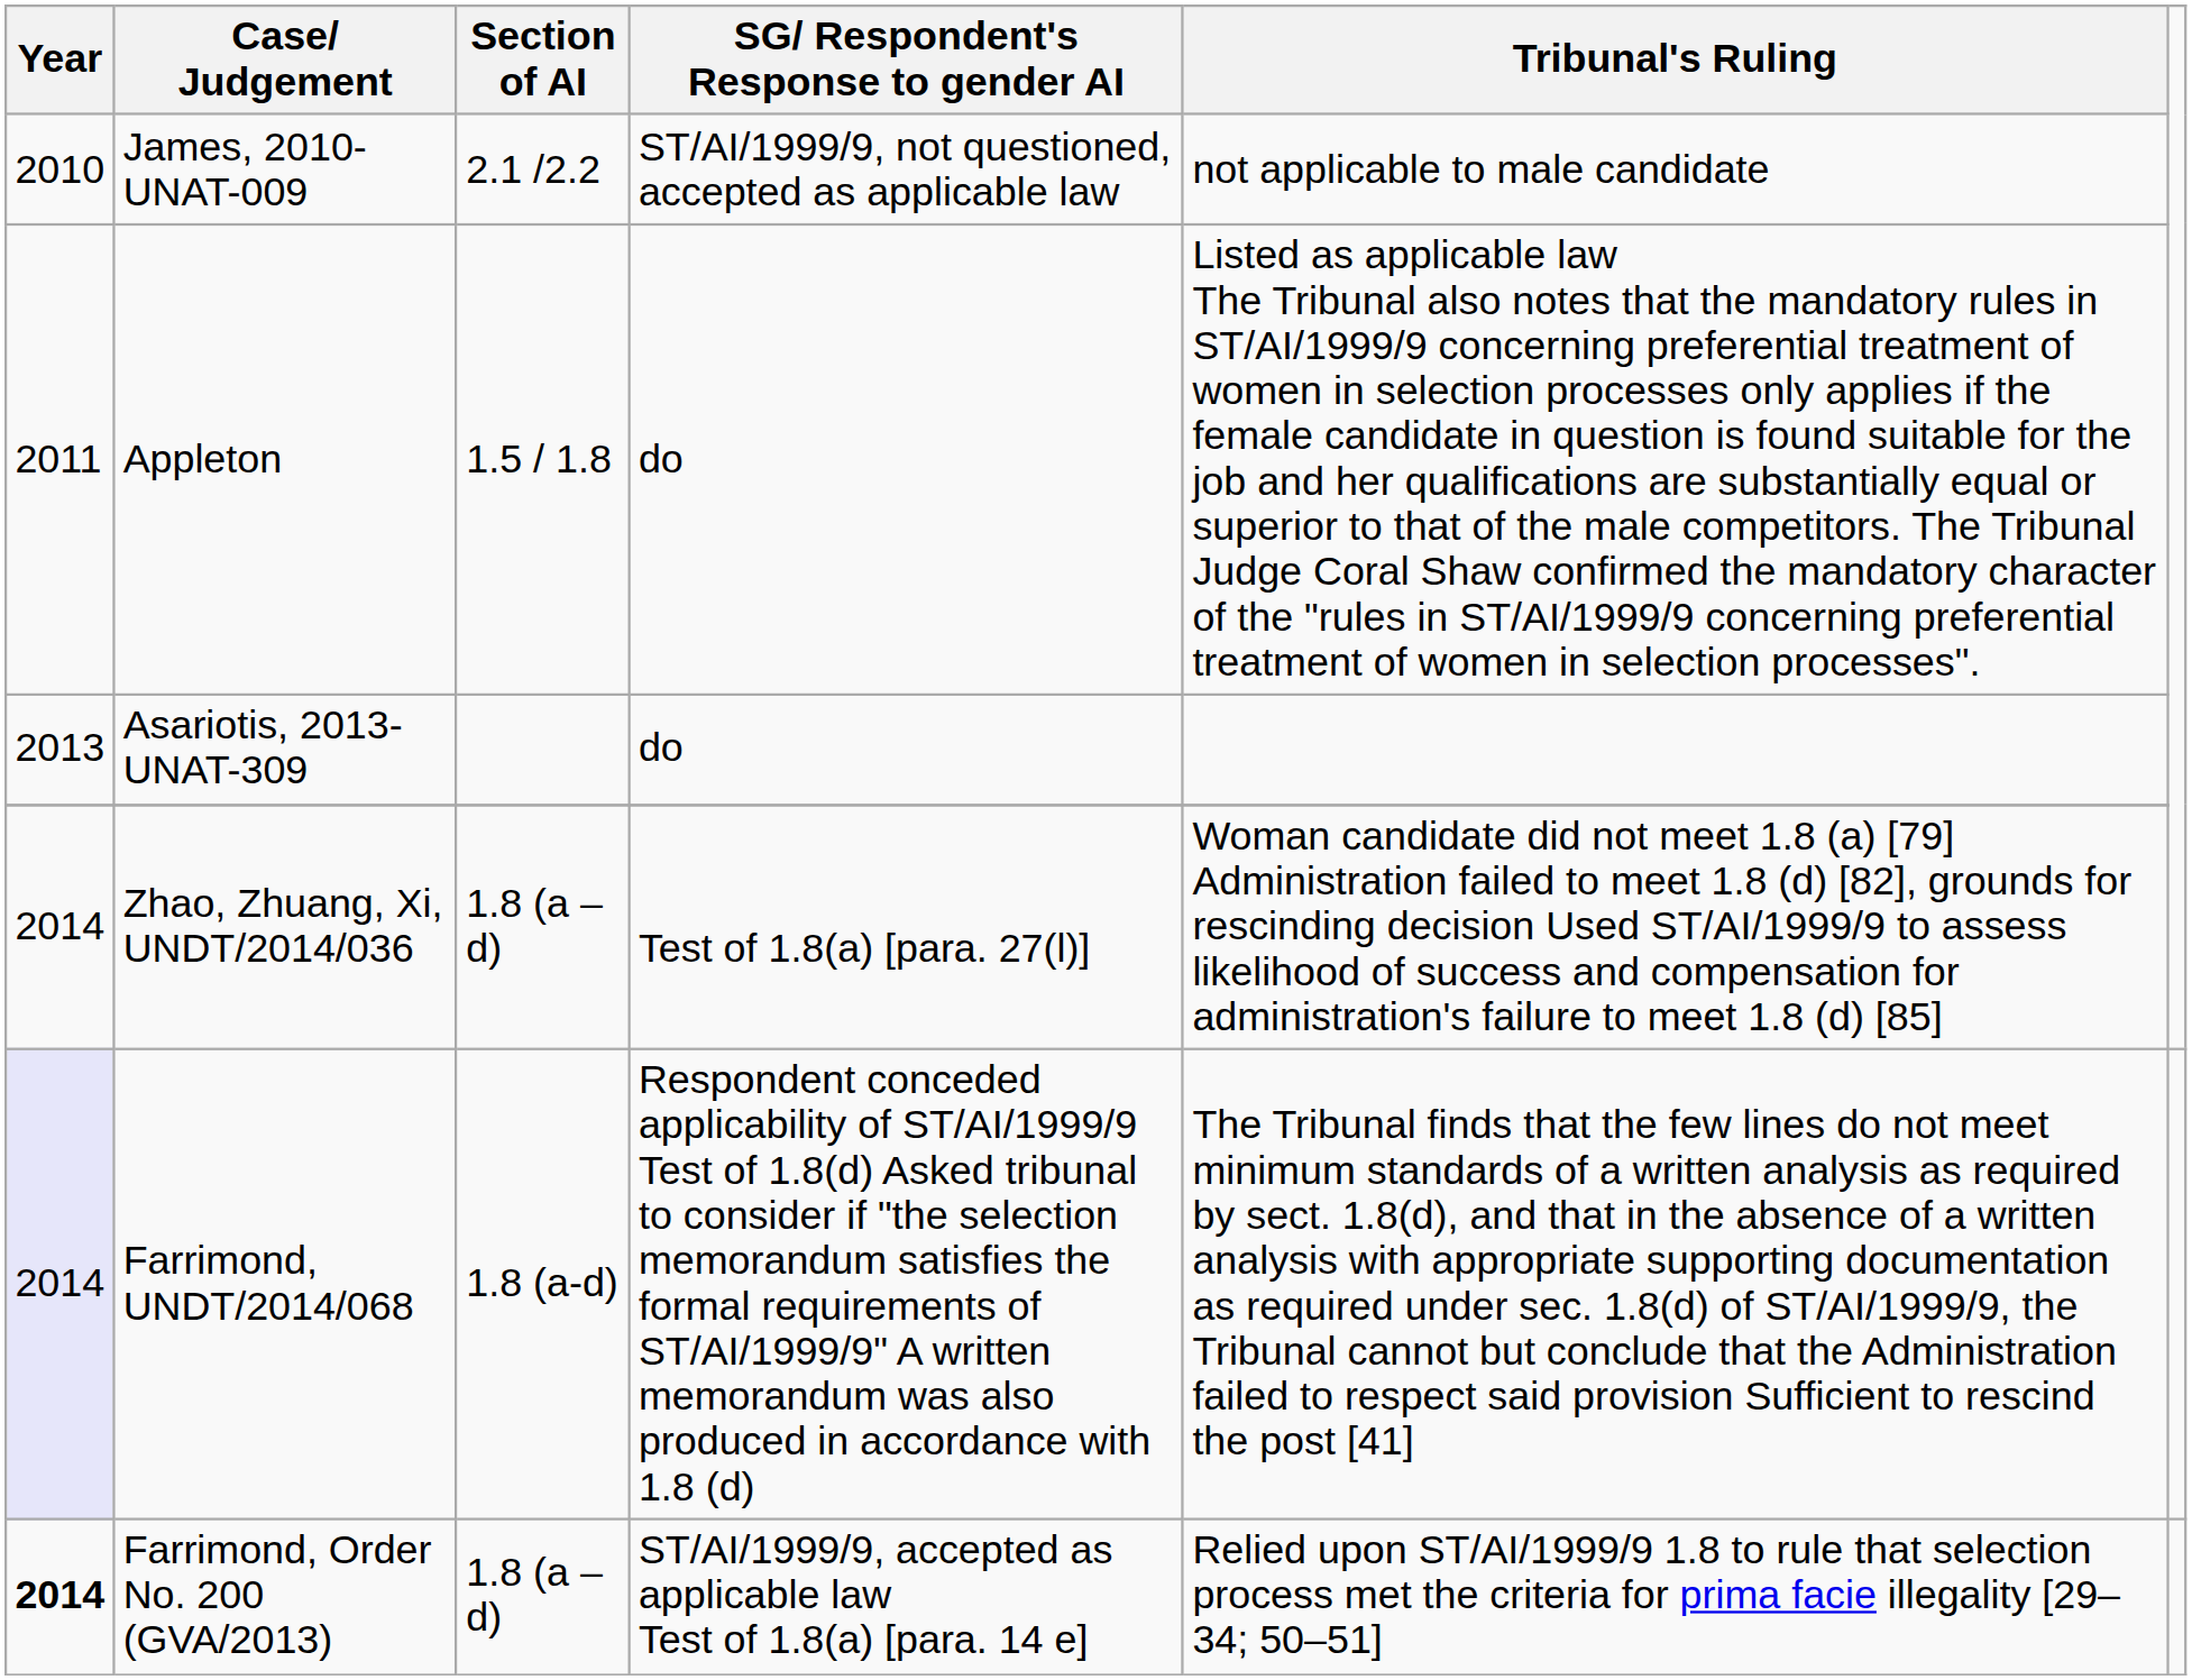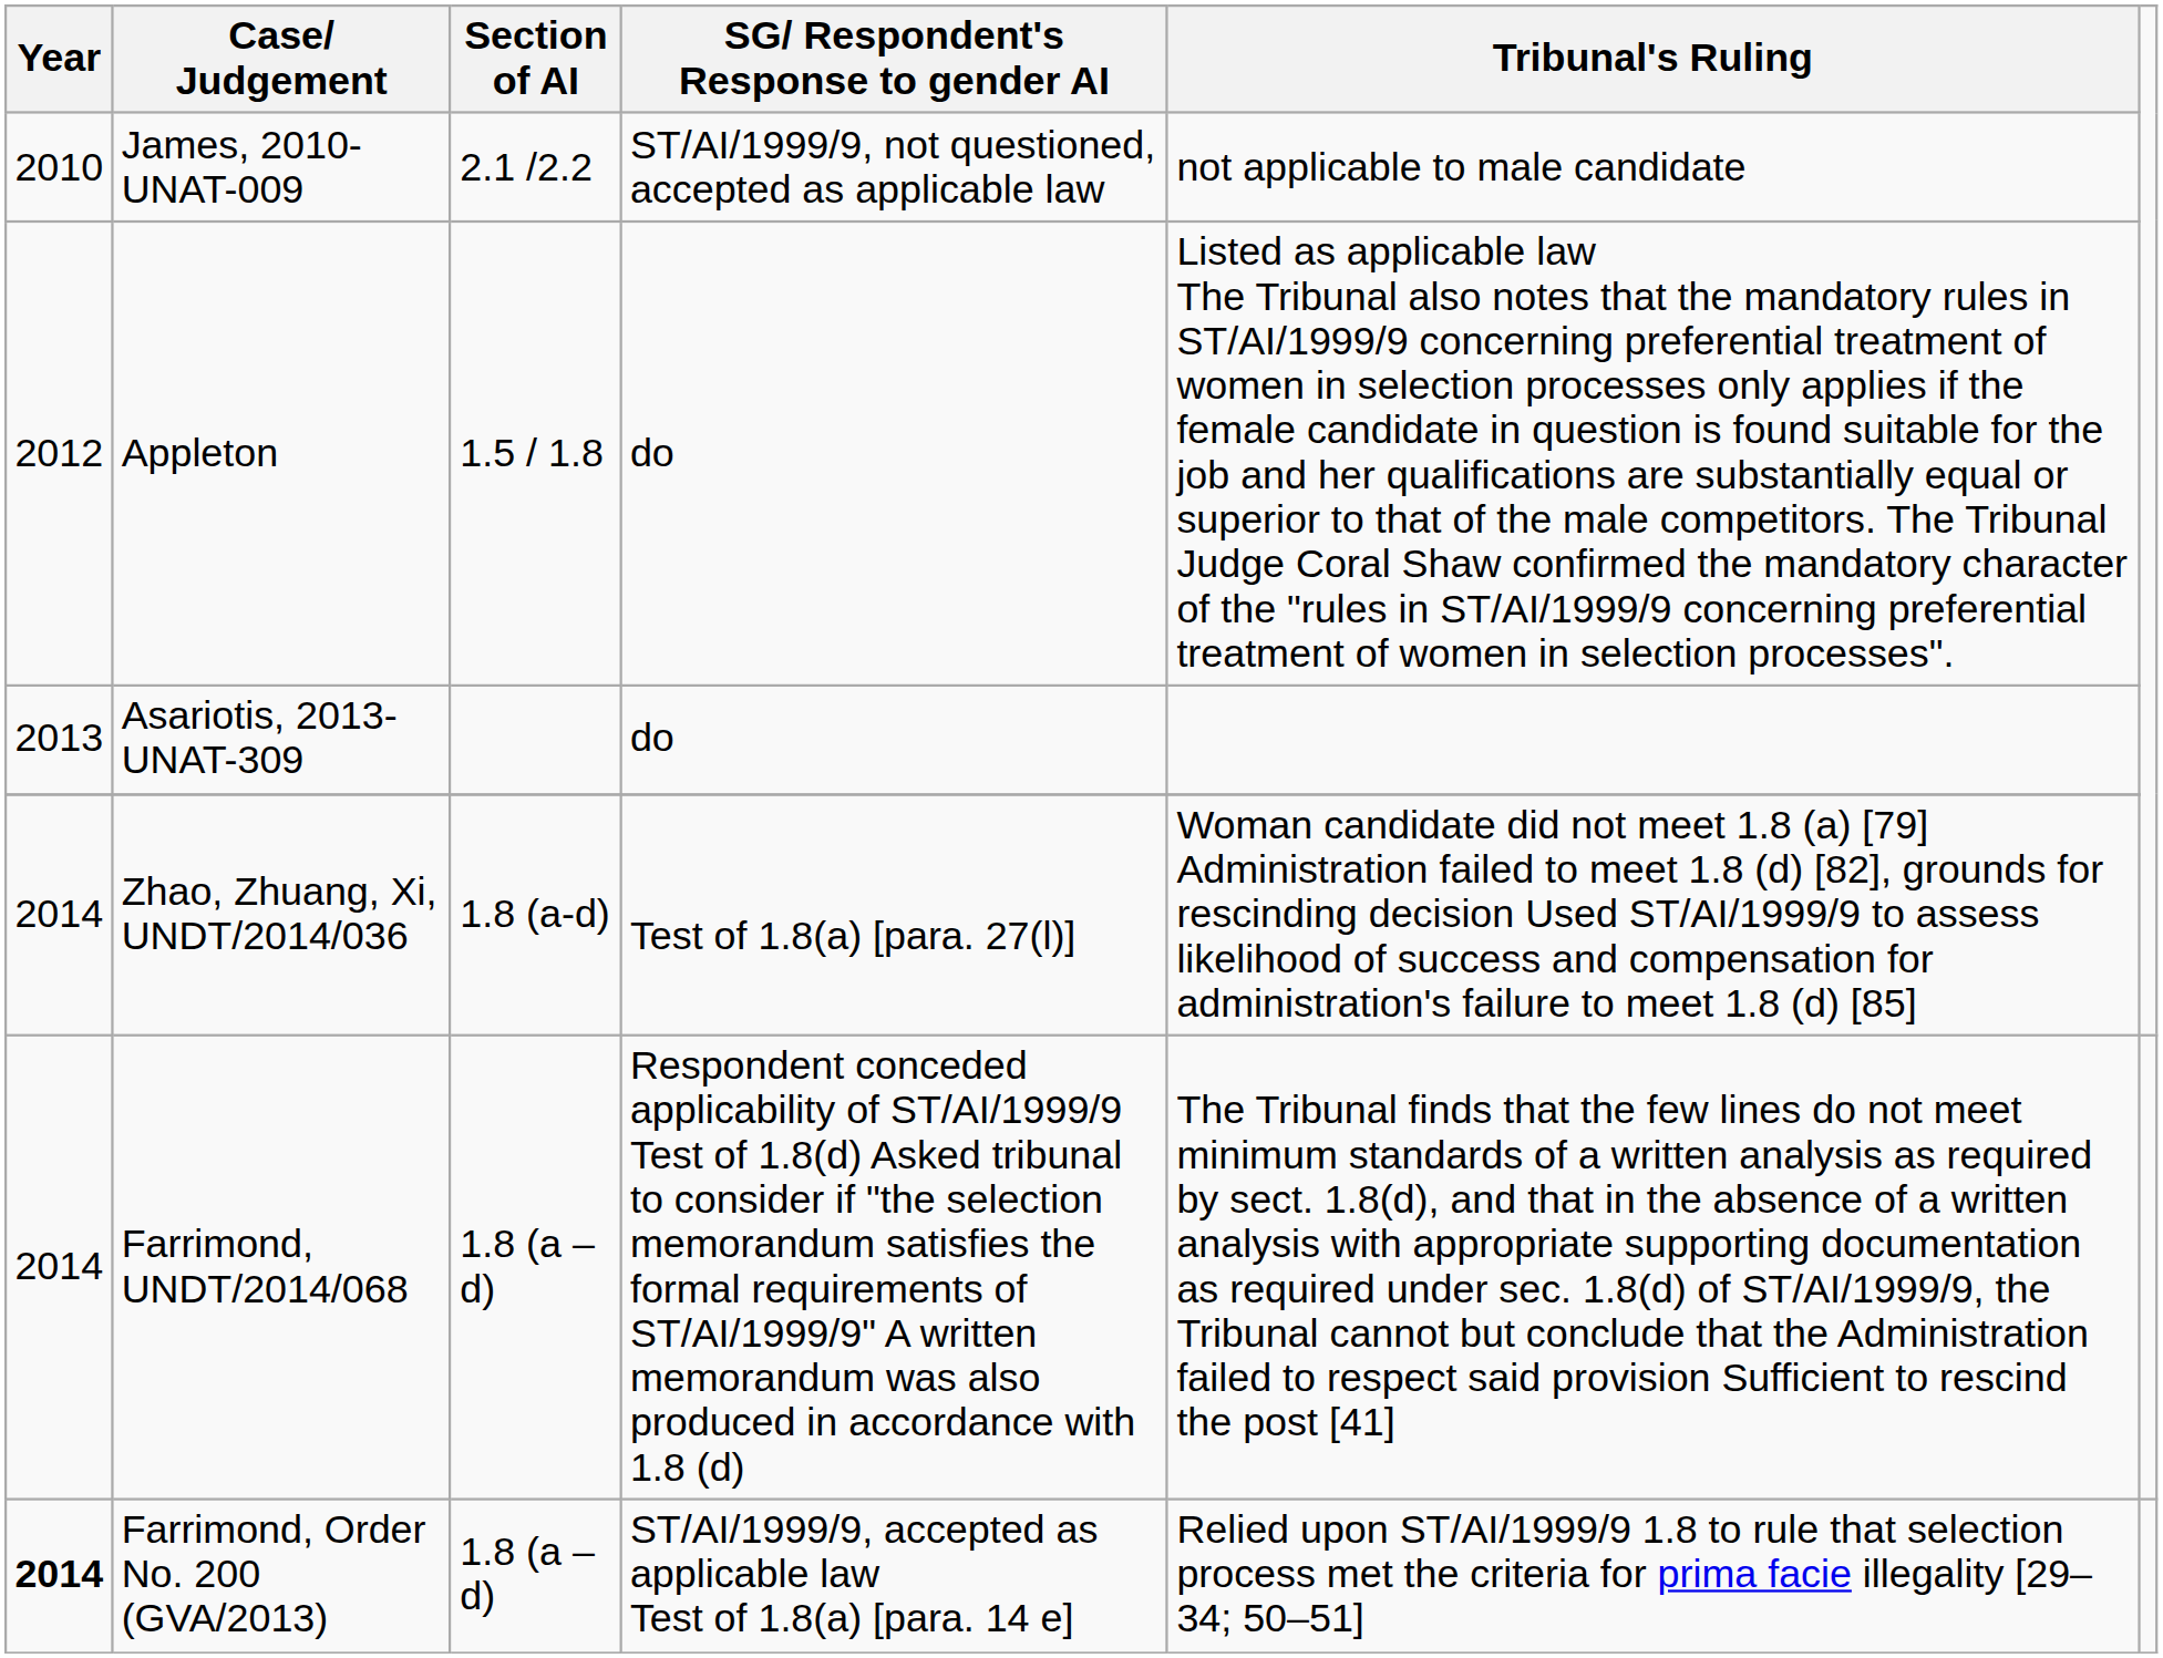 <table class="wikitable">
 <tr>
 <th>Year</th>
 <th>Case/ Judgement</th>
 <th>Section of AI</th>
 <th>SG/ Respondent's Response  to gender AI</th>
 <th>Tribunal's Ruling</th>
 </tr>
 <tr>
 <td>2010</td>
 <td>James, 2010-UNAT-009</td>
 <td>2.1 /2.2</td>
 <td>ST/AI/1999/9, not questioned,   accepted as applicable law</td>
 <td>not applicable to male candidate</td>
 </tr>
 <tr>
-<td>2011</td>
+<td>2012</td>
 <td>Appleton</td>
 <td>1.5 / 1.8</td>
 <td>do</td>
 <td>Listed as applicable law<br>The Tribunal also notes that the mandatory rules in ST/AI/1999/9 concerning preferential treatment of women in selection processes only applies if the female candidate in question is found suitable for the job and her qualifications are substantially equal or superior to that of the male competitors. The Tribunal Judge Coral Shaw confirmed  the mandatory character of the "rules in ST/AI/1999/9 concerning preferential treatment of women in selection processes".</td>
 </tr>
 <tr>
 <td>2013</td>
 <td>Asariotis, 2013-UNAT-309</td>
 <td></td>
 <td>do</td>
 <td></td>
 </tr>
 <tr>
 </tr>
 <tr>
 <td>2014</td>
 <td>Zhao, Zhuang, Xi, UNDT/2014/036</td>
-<td>1.8 (a – d)</td>
+<td>1.8 (a-d)</td>
 <td><br>Test of 1.8(a)  [para. 27(l)]</td>
 <td>Woman candidate did not meet 1.8 (a) [79]<br>Administration failed to meet 1.8 (d) [82], grounds for rescinding decision  Used ST/AI/1999/9 to assess likelihood of success and compensation for administration's failure to meet 1.8 (d) [85]</td>
 </tr>
 <tr>
-<td style="background: lavender;">2014</td>
+<td>2014</td>
 <td>Farrimond, UNDT/2014/068</td>
-<td>1.8 (a-d)</td>
+<td>1.8 (a – d)</td>
 <td>Respondent conceded applicability of ST/AI/1999/9<br>Test of 1.8(d)    Asked tribunal to consider if "the selection memorandum satisfies the formal requirements of ST/AI/1999/9"  A written memorandum was also produced in accordance with 1.8 (d)</td>
 <td>The Tribunal finds that the few lines do not meet minimum standards of a written analysis as required by sect. 1.8(d), and that in the absence of a written analysis with appropriate supporting documentation as required under sec. 1.8(d) of ST/AI/1999/9, the Tribunal cannot but conclude that the Administration failed to respect said provision Sufficient to rescind the post [41]</td>
 <td></td>
 </tr>
 <tr>
 <td><strong>2014</strong></td>
 <td>Farrimond, Order No. 200 (GVA/2013)</td>
 <td>1.8 (a – d)</td>
 <td>ST/AI/1999/9, accepted as applicable law<br>Test of 1.8(a)  [para. 14 e]</td>
 <td>Relied upon ST/AI/1999/9 1.8 to rule that selection process met the criteria for <a href='#'>prima facie</a> illegality [29–34; 50–51]</td>
 </tr>
 </table>
